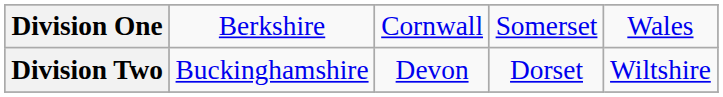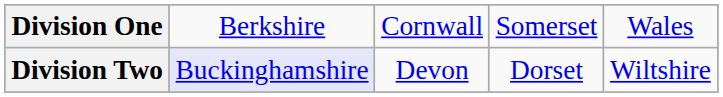 <table class="wikitable" style="text-align: center" style="font-size: 95%; border: 1px #aaaaaa solid; border-collapse: collapse; clear:center;">
 <tr>
 <th>Division One</th>
 <td><a href='#'>Berkshire</a></td>
 <td><a href='#'>Cornwall</a></td>
 <td><a href='#'>Somerset</a></td>
 <td><a href='#'>Wales</a></td>
 </tr>
 <tr>
 <th>Division Two</th>
-<td><a href='#'>Buckinghamshire</a></td>
+<td style="background: lavender;"><a href='#'>Buckinghamshire</a></td>
 <td><a href='#'>Devon</a></td>
 <td><a href='#'>Dorset</a></td>
 <td><a href='#'>Wiltshire</a></td>
 </tr>
 </table>
